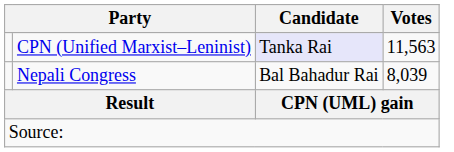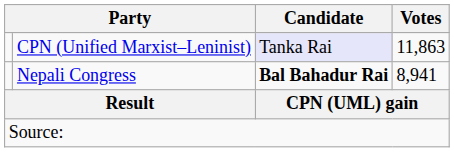 <table class="wikitable">
 <tr>
 <th colspan="2">Party</th>
 <th>Candidate</th>
 <th>Votes</th>
 </tr>
 <tr>
 <td style="background-color:"></td>
 <td><a href='#'>CPN (Unified Marxist–Leninist)</a></td>
 <td style="background: lavender;">Tanka Rai</td>
-<td>11,563</td>
+<td>11,863</td>
 </tr>
 <tr>
 <td style="background-color:"></td>
 <td><a href='#'>Nepali Congress</a></td>
-<td>Bal Bahadur Rai</td>
-<td>8,039</td>
+<td><strong>Bal Bahadur Rai</strong></td>
+<td>8,941</td>
 </tr>
 <tr>
 <th colspan="2">Result</th>
 <th colspan="2">CPN (UML) gain</th>
 </tr>
 <tr>
 <td colspan="4">Source: </td>
 </tr>
 </table>
